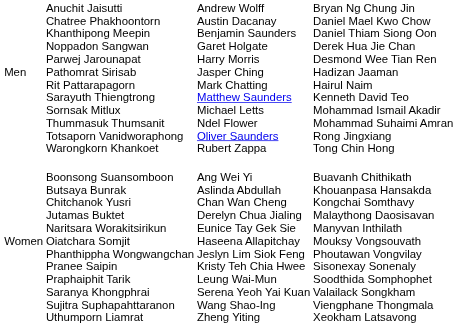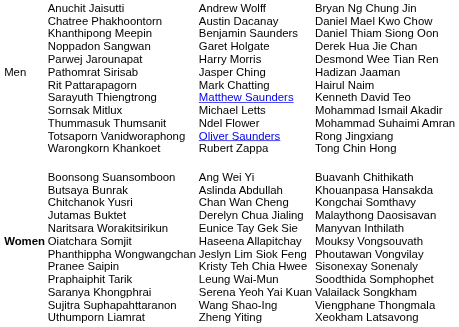 <table>
 <tr>
 <td>Men</td>
 <td><br>Anuchit Jaisutti<br>Chatree Phakhoontorn<br>Khanthipong Meepin<br>Noppadon Sangwan<br>Parwej Jarounapat<br>Pathomrat Sirisab<br>Rit Pattarapagorn<br>Sarayuth Thiengtrong<br>Sornsak Mitlux<br>Thummasuk Thumsanit<br>Totsaporn Vanidworaphong<br>Warongkorn Khankoet</td>
 <td><br>Andrew Wolff<br>Austin Dacanay<br>Benjamin Saunders<br>Garet Holgate<br>Harry Morris<br>Jasper Ching<br>Mark Chatting<br><a href='#'>Matthew Saunders</a><br>Michael Letts<br>Ndel Flower<br><a href='#'>Oliver Saunders</a><br>Rubert Zappa</td>
 <td nowrap=true><br>Bryan Ng Chung Jin<br>Daniel Mael Kwo Chow<br>Daniel Thiam Siong Oon<br>Derek Hua Jie Chan<br>Desmond Wee Tian Ren<br>Hadizan Jaaman<br>Hairul Naim<br>Kenneth David Teo<br>Mohammad Ismail Akadir<br>Mohammad Suhaimi Amran<br>Rong Jingxiang<br>Tong Chin Hong</td>
 </tr>
 <tr>
-<td>Women</td>
+<td><strong>Women</strong></td>
 <td nowrap=true><br>Boonsong Suansomboon<br>Butsaya Bunrak<br>Chitchanok Yusri<br>Jutamas Buktet<br>Naritsara Worakitsirikun<br>Oiatchara Somjit<br>Phanthippha Wongwangchan<br>Pranee Saipin<br>Praphaiphit Tarik<br>Saranya Khongphrai<br>Sujitra Suphapahttaranon<br>Uthumporn Liamrat</td>
 <td nowrap=true><br>Ang Wei Yi<br>Aslinda Abdullah<br>Chan Wan Cheng<br>Derelyn Chua Jialing<br>Eunice Tay Gek Sie<br>Haseena Allapitchay<br>Jeslyn Lim Siok Feng<br>Kristy Teh Chia Hwee<br>Leung Wai-Mun<br>Serena Yeoh Yai Kuan<br>Wang Shao-Ing<br>Zheng Yiting</td>
 <td><br>Buavanh Chithikath<br>Khouanpasa Hansakda<br>Kongchai Somthavy<br>Malaythong Daosisavan<br>Manyvan Inthilath<br>Mouksy Vongsouvath<br>Phoutawan Vongvilay<br>Sisonexay Sonenaly<br>Soodthida Somphophet<br>Valailack Songkham<br>Viengphane Thongmala<br>Xeokham Latsavong</td>
 </tr>
 </table>
